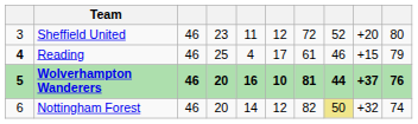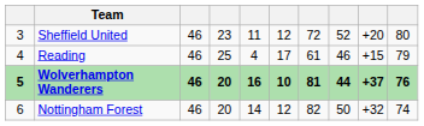 <table class="wikitable" style="text-align:center">
 <tr>
 <th width="30"></th>
 <th width="175">Team</th>
 <th width="30"></th>
 <th width="30"></th>
 <th width="30"></th>
 <th width="30"></th>
 <th width="30"></th>
 <th width="30"></th>
 <th width="30"></th>
 <th width="30"></th>
 </tr>
 <tr>
 <td>3</td>
 <td align=left><a href='#'>Sheffield United</a></td>
 <td>46</td>
 <td>23</td>
 <td>11</td>
 <td>12</td>
 <td>72</td>
 <td>52</td>
 <td>+20</td>
 <td>80</td>
 </tr>
 <tr>
-<td><strong>4</strong></td>
+<td>4</td>
 <td align=left><a href='#'>Reading</a></td>
 <td>46</td>
 <td>25</td>
 <td>4</td>
 <td>17</td>
 <td>61</td>
 <td>46</td>
 <td>+15</td>
 <td>79</td>
 </tr>
 <tr bgcolor=#ADDFAD>
 <td><strong>5</strong></td>
 <td align=left><strong><a href='#'>Wolverhampton Wanderers</a></strong></td>
 <td><strong>46</strong></td>
 <td><strong>20</strong></td>
 <td><strong>16</strong></td>
 <td><strong>10</strong></td>
 <td><strong>81</strong></td>
 <td><strong>44</strong></td>
 <td><strong>+37</strong></td>
 <td><strong>76</strong></td>
 </tr>
 <tr>
 <td>6</td>
 <td align=left><a href='#'>Nottingham Forest</a></td>
 <td>46</td>
 <td>20</td>
 <td>14</td>
 <td>12</td>
 <td>82</td>
-<td style="background: khaki;">50</td>
+<td>50</td>
 <td>+32</td>
 <td>74</td>
 </tr>
 </table>
